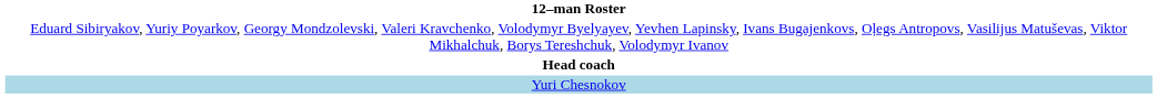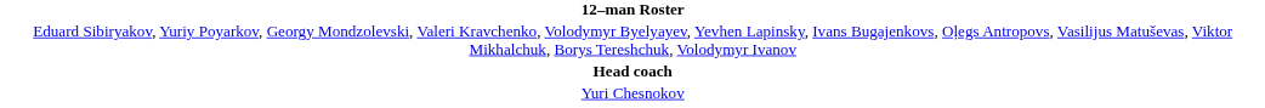 <table style="text-align:center; margin-top:2em; margin-left:auto; margin-right:auto">
 <tr>
 <td><strong>12–man Roster</strong></td>
 </tr>
 <tr>
 <td><a href='#'>Eduard Sibiryakov</a>, <a href='#'>Yuriy Poyarkov</a>, <a href='#'>Georgy Mondzolevski</a>, <a href='#'>Valeri Kravchenko</a>, <a href='#'>Volodymyr Byelyayev</a>, <a href='#'>Yevhen Lapinsky</a>, <a href='#'>Ivans Bugajenkovs</a>, <a href='#'>Oļegs Antropovs</a>, <a href='#'>Vasilijus Matuševas</a>, <a href='#'>Viktor Mikhalchuk</a>, <a href='#'>Borys Tereshchuk</a>, <a href='#'>Volodymyr Ivanov</a></td>
 </tr>
 <tr>
 <td><strong>Head coach</strong></td>
 </tr>
 <tr>
-<td style="background: lightblue;"><a href='#'>Yuri Chesnokov</a></td>
+<td><a href='#'>Yuri Chesnokov</a></td>
 </tr>
 </table>
